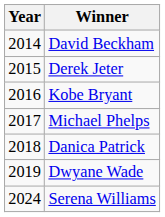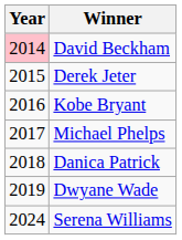 <table class="wikitable">
 <tr>
 <th>Year</th>
 <th>Winner</th>
 </tr>
 <tr>
-<td>2014</td>
+<td style="background: pink;">2014</td>
 <td><a href='#'>David Beckham</a></td>
 </tr>
 <tr>
 <td>2015</td>
 <td><a href='#'>Derek Jeter</a></td>
 </tr>
 <tr>
 <td>2016</td>
 <td><a href='#'>Kobe Bryant</a></td>
 </tr>
 <tr>
 <td>2017</td>
 <td><a href='#'>Michael Phelps</a></td>
 </tr>
 <tr>
 <td>2018</td>
 <td><a href='#'>Danica Patrick</a></td>
 </tr>
 <tr>
 <td>2019</td>
 <td><a href='#'>Dwyane Wade</a></td>
 </tr>
 <tr>
 <td>2024</td>
 <td><a href='#'>Serena Williams</a></td>
 </tr>
 </table>
